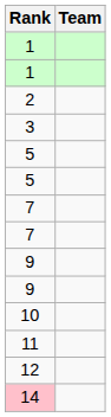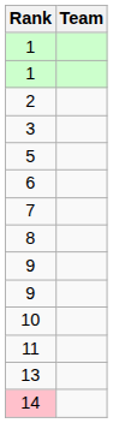 <table class=wikitable style="text-align: center;">
 <tr>
 <th>Rank</th>
 <th>Team</th>
 </tr>
 <tr style="background: #CCFFCC;">
 <td>1</td>
 <td style="text-align: left;"><strong></strong></td>
 </tr>
 <tr style="background: #CCFFCC;">
 <td>1</td>
 <td style="text-align: left;"><strong></strong></td>
 </tr>
 <tr>
 <td>2</td>
 <td style="text-align: left;"></td>
 </tr>
 <tr>
 <td>3</td>
 <td style="text-align: left;"></td>
 </tr>
 <tr>
 <td>5</td>
 <td style="text-align: left;"></td>
 </tr>
 <tr>
-<td>5</td>
+<td>6</td>
 <td style="text-align: left;"></td>
 </tr>
 <tr>
 <td>7</td>
 <td style="text-align: left;"></td>
 </tr>
 <tr>
-<td>7</td>
+<td>8</td>
 <td style="text-align: left;"></td>
 </tr>
 <tr>
 <td>9</td>
 <td style="text-align: left;"></td>
 </tr>
 <tr>
 <td>9</td>
 <td style="text-align: left;"></td>
 </tr>
 <tr>
 <td>10</td>
 <td style="text-align: left;"></td>
 </tr>
 <tr>
 <td>11</td>
 <td style="text-align: left;"></td>
 </tr>
 <tr>
-<td>12</td>
+<td>13</td>
 <td style="text-align: left;"></td>
 </tr>
 <tr>
 <td style="background: pink;">14</td>
 <td style="text-align: left;"></td>
 </tr>
 </table>
